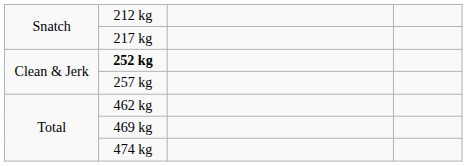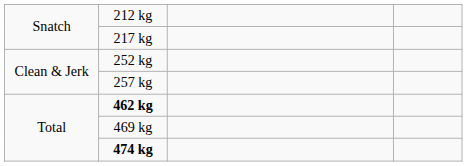 <table class = "wikitable" style="text-align:center;">
 <tr>
 <td rowspan=2 width=100>Snatch</td>
 <td width=70>212 kg</td>
 <td width=250 align=left></td>
 <td width=70></td>
 </tr>
 <tr>
 <td>217 kg</td>
 <td align=left></td>
 <td></td>
 </tr>
 <tr>
 <td rowspan=2>Clean & Jerk</td>
-<td><strong>252 kg</strong></td>
+<td>252 kg</td>
 <td align=left></td>
 <td></td>
 </tr>
 <tr>
 <td>257 kg</td>
 <td align=left></td>
 <td></td>
 </tr>
 <tr>
 <td rowspan=3>Total</td>
-<td>462 kg</td>
+<td><strong>462 kg</strong></td>
 <td align=left></td>
 <td></td>
 </tr>
 <tr>
 <td>469 kg</td>
 <td align=left></td>
 <td></td>
 </tr>
 <tr>
-<td>474 kg</td>
+<td><strong>474 kg</strong></td>
 <td align=left></td>
 <td></td>
 </tr>
 </table>
